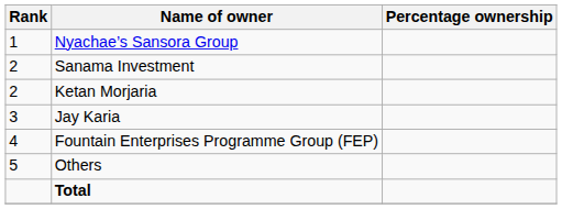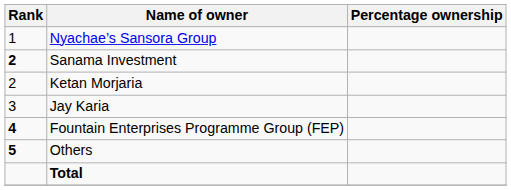 <table class="wikitable sortable" style="margin: 0.5em auto">
 <tr>
 <th>Rank</th>
 <th>Name of owner</th>
 <th>Percentage ownership</th>
 </tr>
 <tr>
 <td>1</td>
 <td><a href='#'>Nyachae’s Sansora Group</a></td>
 <td></td>
 </tr>
 <tr>
-<td>2</td>
+<td><strong>2</strong></td>
 <td>Sanama Investment</td>
 <td></td>
 </tr>
 <tr>
 <td>2</td>
 <td>Ketan Morjaria</td>
 <td></td>
 </tr>
 <tr>
 <td>3</td>
 <td>Jay Karia</td>
 <td></td>
 </tr>
 <tr>
-<td>4</td>
+<td><strong>4</strong></td>
 <td>Fountain Enterprises Programme Group (FEP)</td>
 <td></td>
 </tr>
 <tr>
-<td>5</td>
+<td><strong>5</strong></td>
 <td>Others</td>
 <td></td>
 </tr>
 <tr>
 <td></td>
 <td><strong>Total</strong></td>
 <td></td>
 </tr>
 <tr>
 </tr>
 </table>
